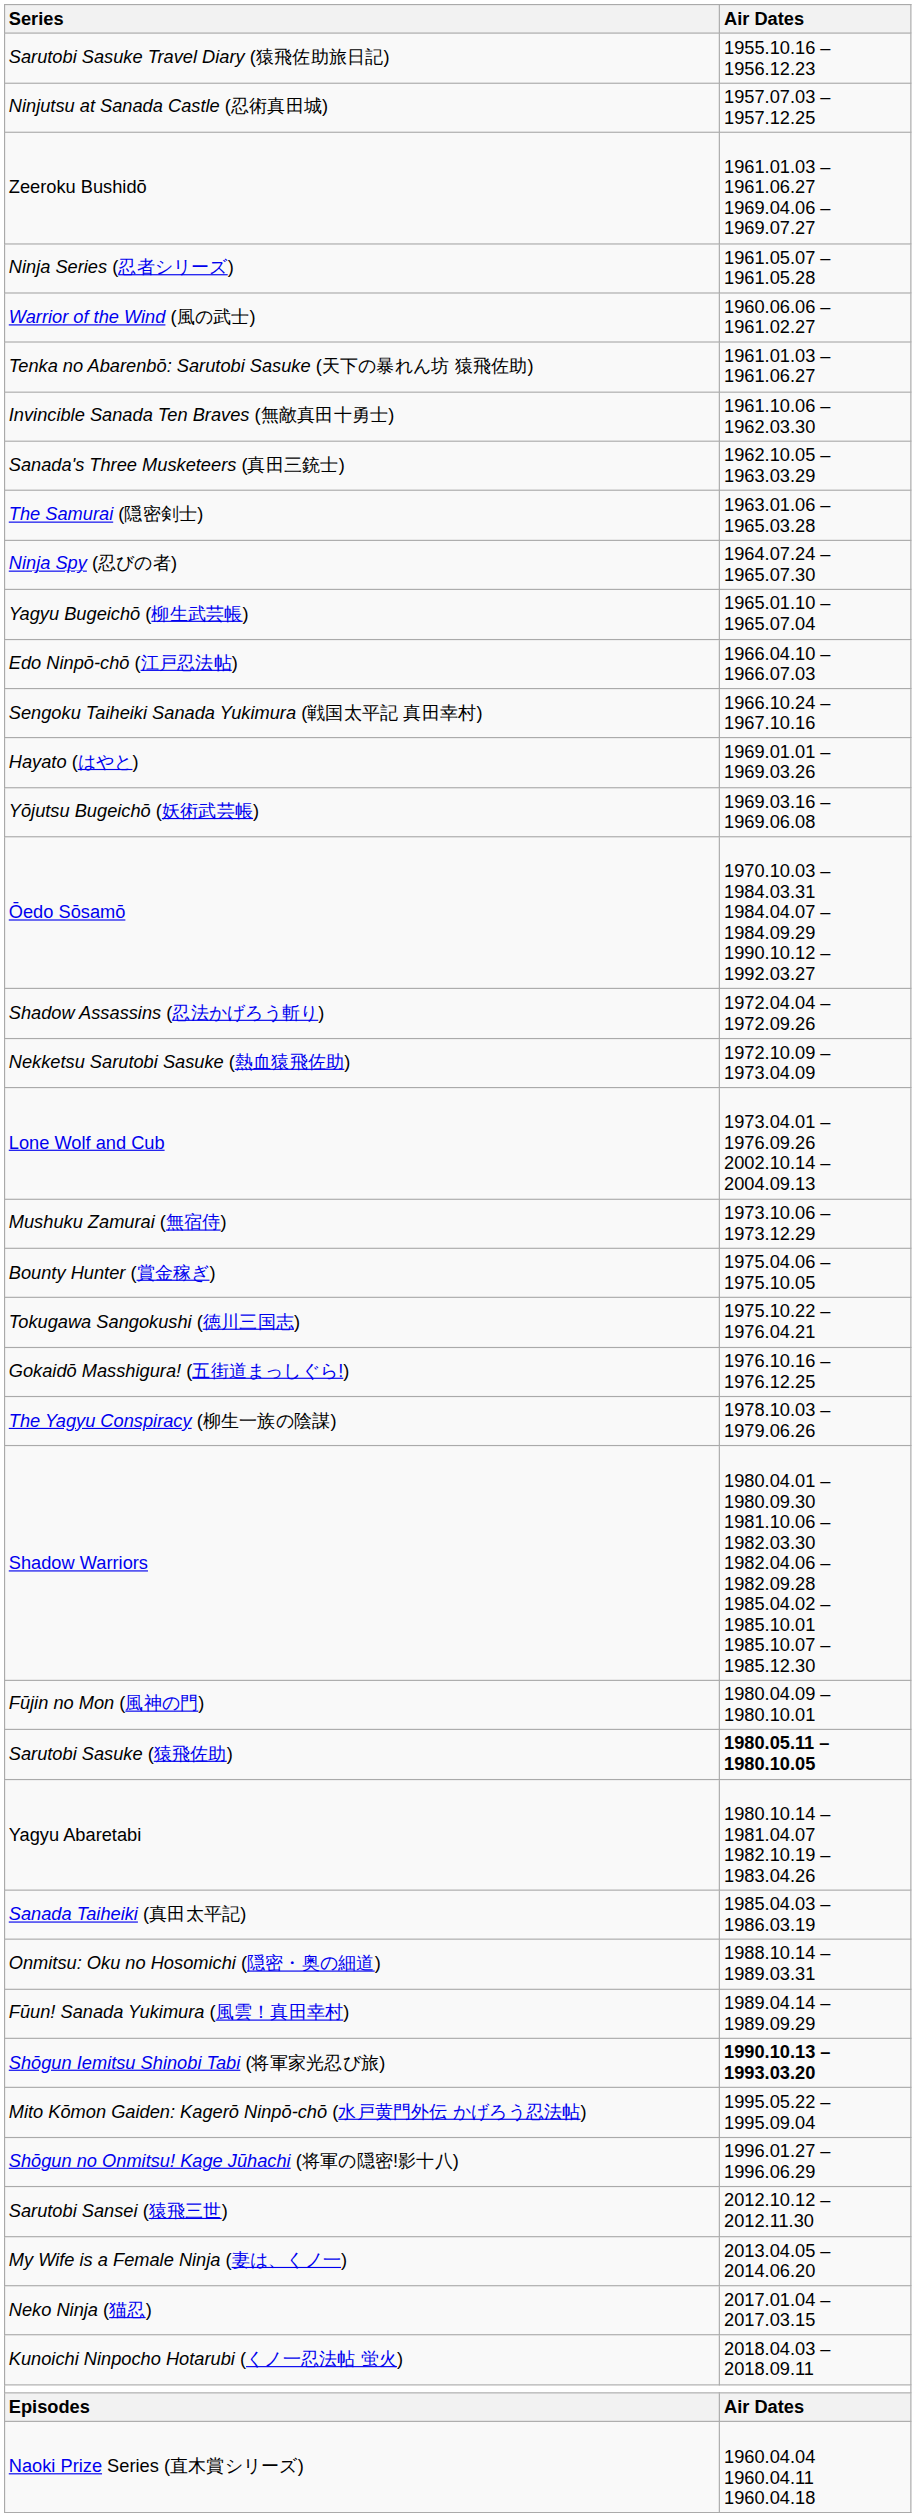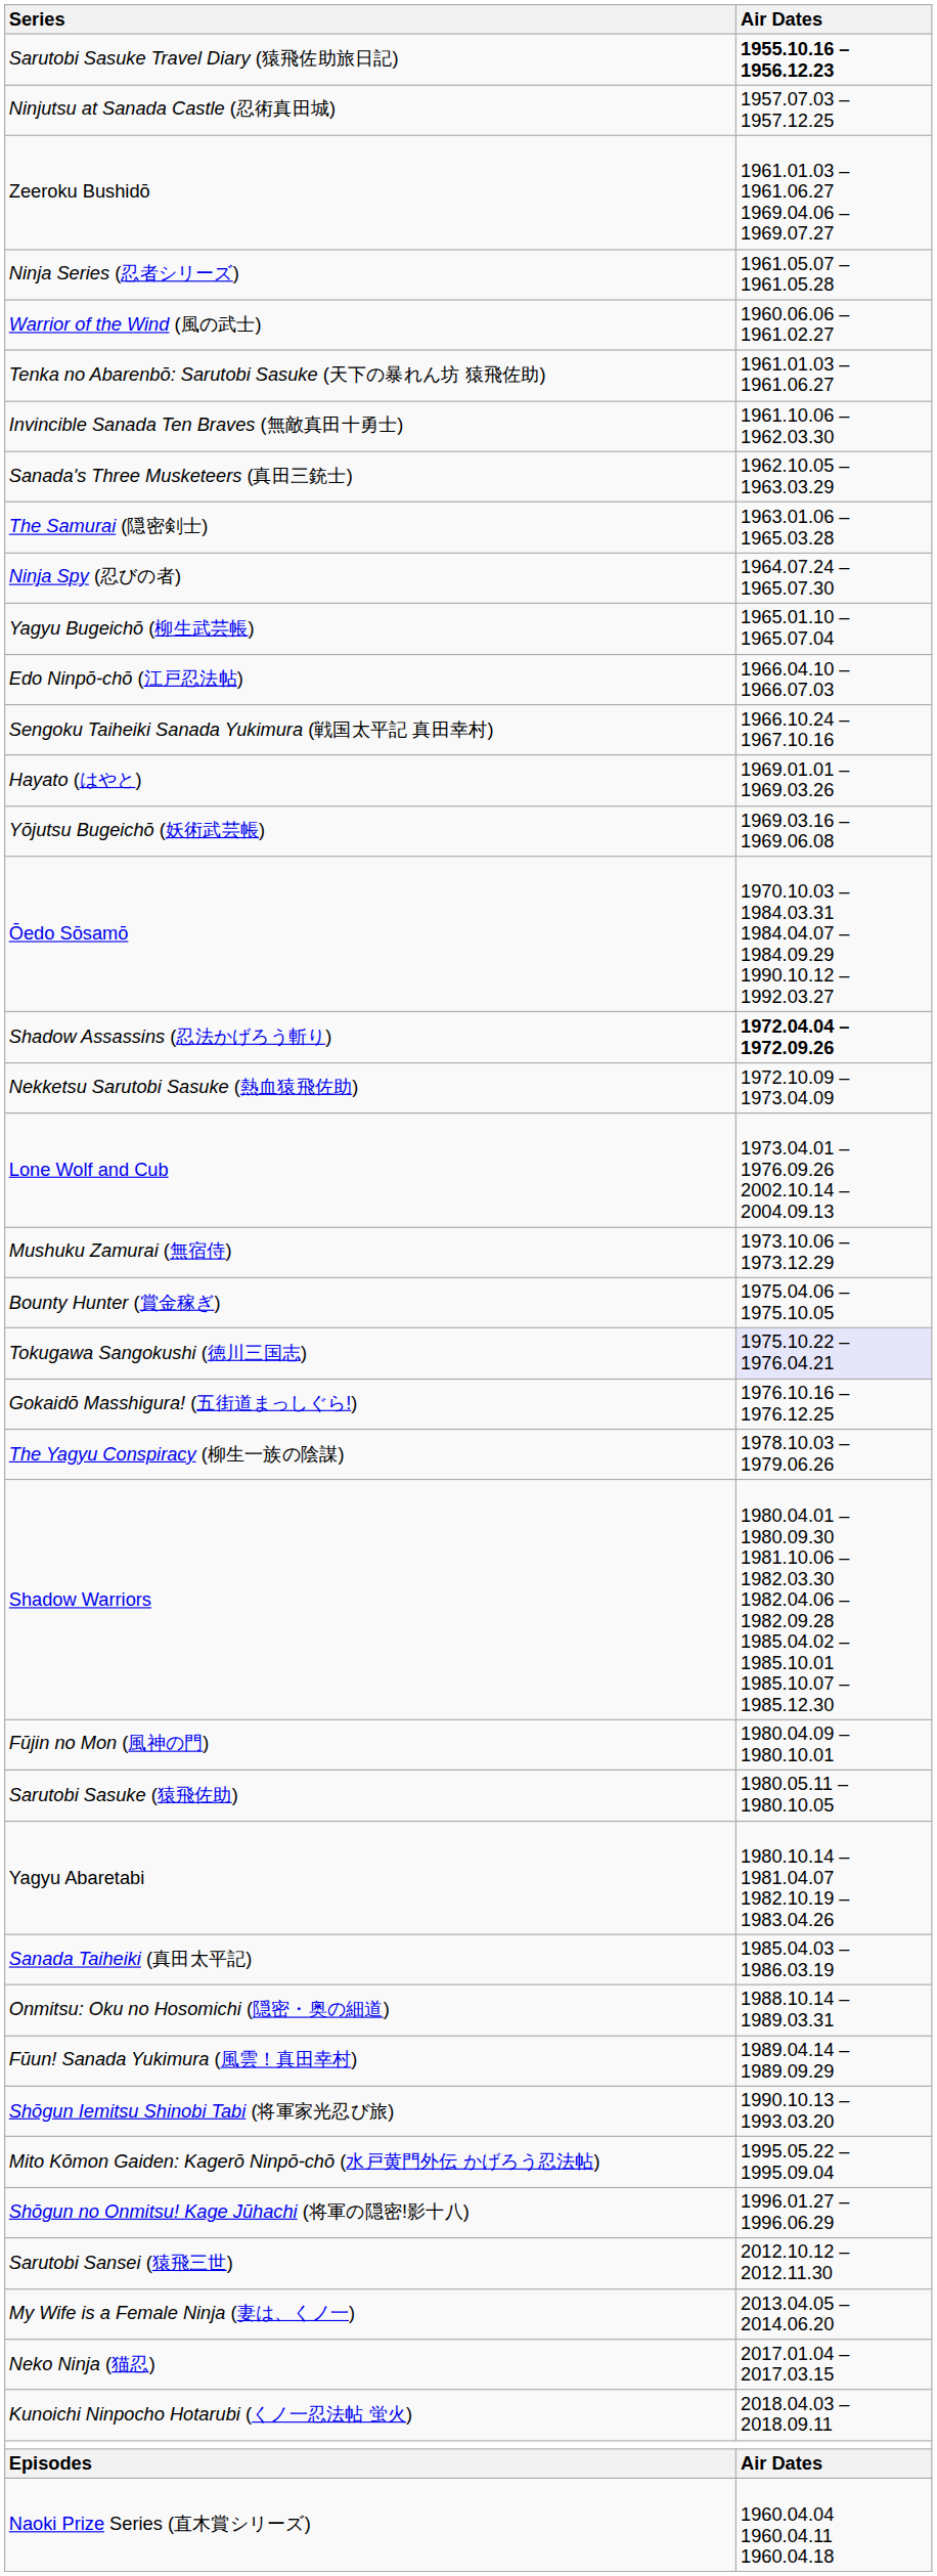 <table class="wikitable" border="1">
 <tr>
 <th width="620" style="text-align:left;">Series</th>
 <th width="160" style="text-align:left;">Air Dates</th>
 </tr>
 <tr>
 <td><em>Sarutobi Sasuke Travel Diary</em> (猿飛佐助旅日記)</td>
-<td>1955.10.16 – 1956.12.23</td>
+<td><strong>1955.10.16 – 1956.12.23</strong></td>
 </tr>
 <tr>
 <td><em>Ninjutsu at Sanada Castle</em> (忍術真田城)</td>
 <td>1957.07.03 – 1957.12.25</td>
 </tr>
 <tr>
 <td>Zeeroku Bushidō<br></td>
 <td><br>1961.01.03 – 1961.06.27<br>1969.04.06 – 1969.07.27</td>
 </tr>
 <tr>
 <td><em>Ninja Series</em> (<a href='#'>忍者シリーズ</a>)</td>
 <td>1961.05.07 – 1961.05.28</td>
 </tr>
 <tr>
 <td><em><a href='#'>Warrior of the Wind</a></em> (風の武士)</td>
 <td>1960.06.06 – 1961.02.27</td>
 </tr>
 <tr>
 <td><em>Tenka no Abarenbō: Sarutobi Sasuke</em> (天下の暴れん坊 猿飛佐助)</td>
 <td>1961.01.03 – 1961.06.27</td>
 </tr>
 <tr>
 <td><em>Invincible Sanada Ten Braves</em> (無敵真田十勇士)</td>
 <td>1961.10.06 – 1962.03.30</td>
 </tr>
 <tr>
 <td><em>Sanada's Three Musketeers</em> (真田三銃士)</td>
 <td>1962.10.05 – 1963.03.29</td>
 </tr>
 <tr>
 <td><em><a href='#'>The Samurai</a></em> (隠密剣士)</td>
 <td>1963.01.06 – 1965.03.28</td>
 </tr>
 <tr>
 <td><em><a href='#'>Ninja Spy</a></em> (忍びの者)</td>
 <td>1964.07.24 – 1965.07.30</td>
 </tr>
 <tr>
 <td><em>Yagyu Bugeichō</em> (<a href='#'>柳生武芸帳</a>)</td>
 <td>1965.01.10 – 1965.07.04</td>
 </tr>
 <tr>
 <td><em>Edo Ninpō-chō</em> (<a href='#'>江戸忍法帖</a>)</td>
 <td>1966.04.10 – 1966.07.03</td>
 </tr>
 <tr>
 <td><em>Sengoku Taiheiki Sanada Yukimura</em> (戦国太平記 真田幸村)</td>
 <td>1966.10.24 – 1967.10.16</td>
 </tr>
 <tr>
 <td><em>Hayato</em> (<a href='#'>はやと</a>)</td>
 <td>1969.01.01 – 1969.03.26</td>
 </tr>
 <tr>
 <td><em>Yōjutsu Bugeichō</em> (<a href='#'>妖術武芸帳</a>)</td>
 <td>1969.03.16 – 1969.06.08</td>
 </tr>
 <tr>
 <td><a href='#'>Ōedo Sōsamō</a><br></td>
 <td><br>1970.10.03 – 1984.03.31<br>1984.04.07 – 1984.09.29<br>1990.10.12 – 1992.03.27</td>
 </tr>
 <tr>
 <td><em>Shadow Assassins</em> (<a href='#'>忍法かげろう斬り</a>)</td>
-<td>1972.04.04 – 1972.09.26</td>
+<td><strong>1972.04.04 – 1972.09.26</strong></td>
 </tr>
 <tr>
 <td><em>Nekketsu Sarutobi Sasuke</em> (<a href='#'>熱血猿飛佐助</a>)</td>
 <td>1972.10.09 – 1973.04.09</td>
 </tr>
 <tr>
 <td><a href='#'>Lone Wolf and Cub</a><br></td>
 <td><br>1973.04.01 – 1976.09.26<br>2002.10.14 – 2004.09.13</td>
 </tr>
 <tr>
 <td><em>Mushuku Zamurai</em> (<a href='#'>無宿侍</a>)</td>
 <td>1973.10.06 – 1973.12.29</td>
 </tr>
 <tr>
 <td><em>Bounty Hunter</em> (<a href='#'>賞金稼ぎ</a>)</td>
 <td>1975.04.06 – 1975.10.05</td>
 </tr>
 <tr>
 <td><em>Tokugawa Sangokushi</em> (<a href='#'>徳川三国志</a>)</td>
-<td>1975.10.22 – 1976.04.21</td>
+<td style="background: lavender;">1975.10.22 – 1976.04.21</td>
 </tr>
 <tr>
 <td><em>Gokaidō Masshigura!</em> (<a href='#'>五街道まっしぐら!</a>)</td>
 <td>1976.10.16 – 1976.12.25</td>
 </tr>
 <tr>
 <td><em><a href='#'>The Yagyu Conspiracy</a></em> (柳生一族の陰謀)</td>
 <td>1978.10.03 – 1979.06.26</td>
 </tr>
 <tr>
 <td><a href='#'>Shadow Warriors</a><br></td>
 <td><br>1980.04.01 – 1980.09.30<br>1981.10.06 – 1982.03.30<br>1982.04.06 – 1982.09.28<br>1985.04.02 – 1985.10.01<br>1985.10.07 – 1985.12.30</td>
 </tr>
 <tr>
 <td><em>Fūjin no Mon</em> (<a href='#'>風神の門</a>)</td>
 <td>1980.04.09 – 1980.10.01</td>
 </tr>
 <tr>
 <td><em>Sarutobi Sasuke</em> (<a href='#'>猿飛佐助</a>)</td>
-<td><strong>1980.05.11 – 1980.10.05</strong></td>
+<td>1980.05.11 – 1980.10.05</td>
 </tr>
 <tr>
 <td>Yagyu Abaretabi<br></td>
 <td><br>	1980.10.14 – 1981.04.07<br>1982.10.19 – 1983.04.26</td>
 </tr>
 <tr>
 <td><em><a href='#'>Sanada Taiheiki</a></em> (真田太平記)</td>
 <td>1985.04.03 – 1986.03.19</td>
 </tr>
 <tr>
 <td><em>Onmitsu: Oku no Hosomichi</em> (<a href='#'>隠密・奥の細道</a>)</td>
 <td>1988.10.14 – 1989.03.31</td>
 </tr>
 <tr>
 <td><em>Fūun! Sanada Yukimura</em> (<a href='#'>風雲！真田幸村</a>)</td>
 <td>1989.04.14 – 1989.09.29</td>
 </tr>
 <tr>
 <td><em><a href='#'>Shōgun Iemitsu Shinobi Tabi</a></em> (将軍家光忍び旅)</td>
-<td><strong>1990.10.13 – 1993.03.20</strong></td>
+<td>1990.10.13 – 1993.03.20</td>
 </tr>
 <tr>
 <td><em>Mito Kōmon Gaiden: Kagerō Ninpō-chō</em> (<a href='#'>水戸黄門外伝 かげろう忍法帖</a>)</td>
 <td>1995.05.22 – 1995.09.04</td>
 </tr>
 <tr>
 <td><em><a href='#'>Shōgun no Onmitsu! Kage Jūhachi</a></em> (将軍の隠密!影十八)</td>
 <td>1996.01.27 – 1996.06.29</td>
 </tr>
 <tr>
 <td><em>Sarutobi Sansei</em> (<a href='#'>猿飛三世</a>)</td>
 <td>2012.10.12 – 2012.11.30</td>
 </tr>
 <tr>
 <td><em>My Wife is a Female Ninja</em> (<a href='#'>妻は、くノ一</a>)</td>
 <td>2013.04.05 – 2014.06.20</td>
 </tr>
 <tr>
 <td><em>Neko Ninja</em> (<a href='#'>猫忍</a>)</td>
 <td>2017.01.04 – 2017.03.15</td>
 </tr>
 <tr>
 <td><em>Kunoichi Ninpocho Hotarubi</em> (<a href='#'>くノ一忍法帖 蛍火</a>)</td>
 <td>2018.04.03 – 2018.09.11</td>
 </tr>
 <tr>
 <td style="background: white" colspan="3"></td>
 </tr>
 <tr>
 <th width="620" style="text-align:left;">Episodes</th>
 <th width="160" style="text-align:left;">Air Dates</th>
 </tr>
 <tr>
 <td><a href='#'>Naoki Prize</a> Series (直木賞シリーズ)<br></td>
 <td><br>1960.04.04<br>1960.04.11<br>1960.04.18</td>
 </tr>
 </table>
